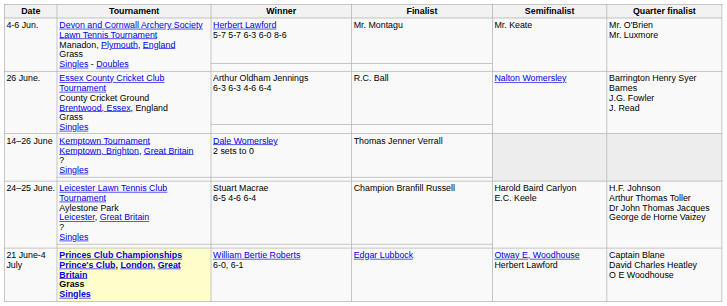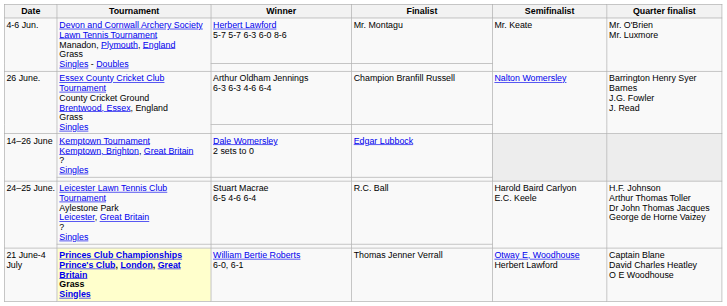 <table class="wikitable" style="font-size:85%;">
 <tr>
 <th width="75">Date</th>
 <th width="230">Tournament</th>
 <th width="210">Winner</th>
 <th width="210">Finalist</th>
 <th width="170">Semifinalist</th>
 <th width="170">Quarter finalist</th>
 </tr>
 <tr valign=top>
 <td rowspan=2>4-6 Jun.</td>
 <td rowspan=2><a href='#'>Devon and Cornwall Archery Society Lawn Tennis Tournament</a><br>Manadon, <a href='#'>Plymouth</a>, <a href='#'>England</a><br>Grass <br><a href='#'>Singles</a> - <a href='#'>Doubles</a></td>
 <td> <a href='#'>Herbert Lawford</a><br>5-7 5-7 6-3 6-0 8-6</td>
 <td> Mr. Montagu</td>
 <td rowspan=2> Mr. Keate</td>
 <td rowspan=2> Mr. O'Brien<br> Mr. Luxmore</td>
 </tr>
 <tr valign=top>
 <td></td>
 <td></td>
 </tr>
 <tr valign=top>
 <td rowspan=2>26 June.</td>
 <td rowspan=2><a href='#'>Essex County Cricket Club Tournament</a><br> County Cricket Ground<br> <a href='#'>Brentwood, Essex</a>, England<br>Grass<br><a href='#'>Singles</a></td>
 <td> Arthur Oldham Jennings<br>6-3 6-3 4-6 6-4</td>
-<td> R.C. Ball</td>
+<td> Champion Branfill Russell</td>
 <td rowspan=2> <a href='#'>Nalton Womersley</a></td>
 <td rowspan=2> Barrington Henry Syer Barnes<br> J.G. Fowler <br> J. Read</td>
 </tr>
 <tr valign=top>
 <td></td>
 <td></td>
 </tr>
 <tr valign=top>
 <td rowspan=2>14–26 June</td>
 <td><a href='#'>Kemptown Tournament</a><br><a href='#'>Kemptown, Brighton</a>, <a href='#'>Great Britain</a><br>? <br><a href='#'>Singles</a></td>
 <td> <a href='#'>Dale Womersley</a><br>2 sets to 0</td>
-<td>  Thomas Jenner Verrall</td>
+<td> <a href='#'>Edgar Lubbock</a></td>
 <td style="background:#ededed;" rowspan=2></td>
 <td style="background:#ededed;" rowspan=2></td>
 </tr>
 <tr valign=top>
 <td></td>
 <td></td>
 </tr>
 <tr valign=top>
 <td rowspan=2>24–25 June.</td>
 <td><a href='#'>Leicester Lawn Tennis Club Tournament</a> <br> Aylestone Park<br> <a href='#'>Leicester</a>, <a href='#'>Great Britain</a><br>? <br><a href='#'>Singles</a></td>
 <td> Stuart Macrae <br>6-5 4-6 6-4</td>
-<td> Champion Branfill Russell</td>
+<td> R.C. Ball</td>
 <td rowspan=2> Harold Baird Carlyon <br> E.C. Keele</td>
 <td rowspan=2> H.F. Johnson<br> Arthur Thomas Toller<br> Dr John Thomas Jacques<br> George de Horne Vaizey</td>
 </tr>
 <tr valign=top>
 <td></td>
 <td></td>
 </tr>
 <tr valign=top>
 <td rowspan=2>21 June-4 July</td>
 <td style="background:#ffc;" rowspan=2><strong><a href='#'>Princes Club Championships</a> <a href='#'>Prince's Club</a>, <a href='#'>London</a>, <a href='#'>Great Britain</a><br>Grass <br><a href='#'>Singles</a></strong></td>
 <td> <a href='#'>William Bertie Roberts</a><br>6-0, 6-1</td>
-<td> <a href='#'>Edgar Lubbock</a></td>
+<td>  Thomas Jenner Verrall</td>
 <td rowspan=2> <a href='#'>Otway E, Woodhouse</a><br>  Herbert Lawford</td>
 <td rowspan=2> Captain Blane<br> David Charles Heatley<br> O E Woodhouse</td>
 </tr>
 </table>
